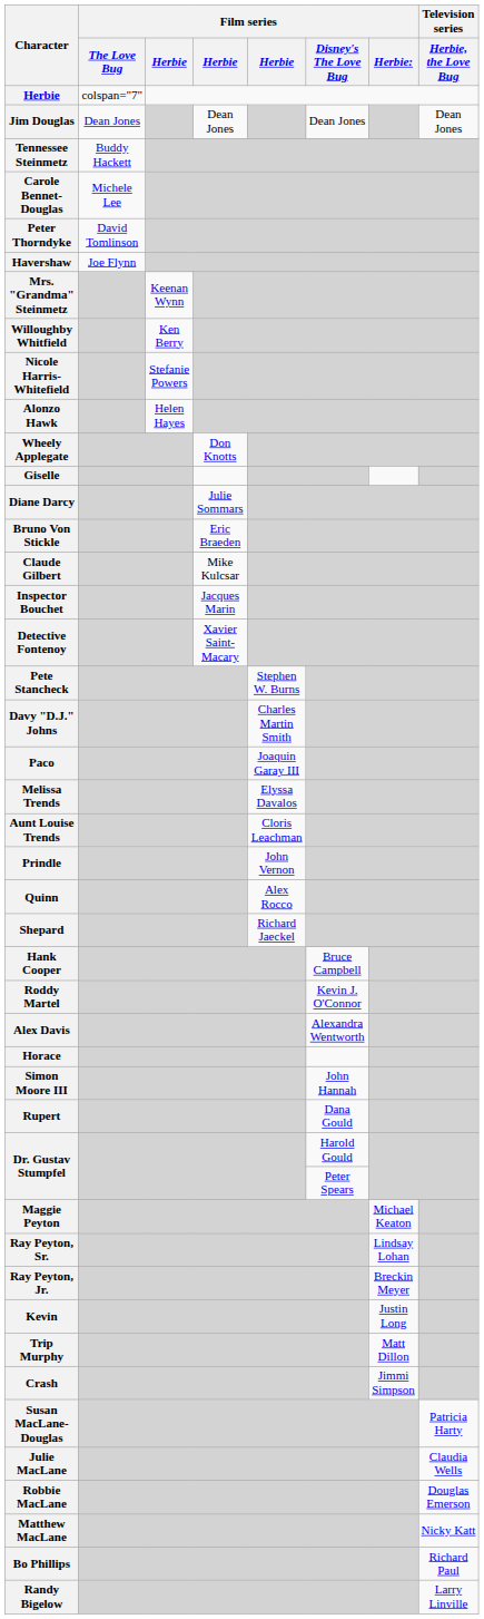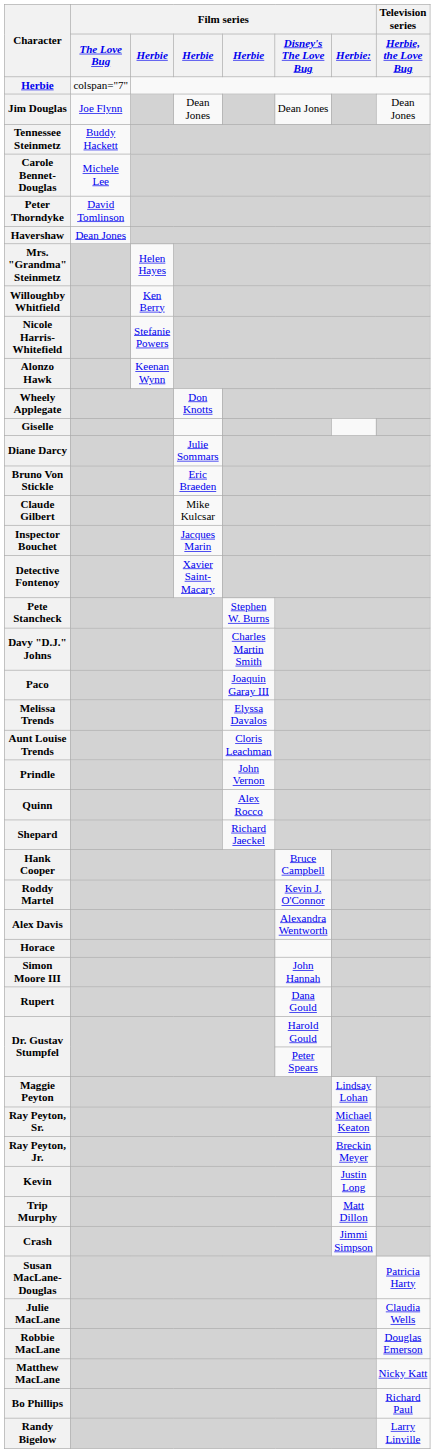 <table class="wikitable" style="text-align:center; width:99%;">
 <tr>
 <th rowspan="2">Character</th>
 <th colspan="6">Film series</th>
 <th>Television series</th>
 </tr>
 <tr>
 <th style="text-align:center;"><em><a href='#'>The Love Bug</a></em></th>
 <th style="text-align:center;"><em><a href='#'>Herbie <br></a></em></th>
 <th style="text-align:center;"><em><a href='#'>Herbie <br></a></em></th>
 <th style="text-align:center;"><em><a href='#'>Herbie <br></a></em></th>
 <th style="text-align:center;"><em><a href='#'>Disney's The Love Bug</a></em></th>
 <th style="text-align:center;"><em><a href='#'>Herbie: <br></a></em></th>
 <th style="text-align:center;"><em><a href='#'>Herbie, the Love Bug</a></em></th>
 </tr>
 <tr>
 <th><a href='#'>Herbie</a></th>
 <td>colspan="7" </td>
 </tr>
 <tr>
 <th>Jim Douglas</th>
-<td><a href='#'>Dean Jones</a></td>
+<td><a href='#'>Joe Flynn</a></td>
 <td style="background:lightgrey;"> </td>
 <td>Dean Jones</td>
 <td style="background:lightgrey;"> </td>
 <td>Dean Jones</td>
 <td style="background:lightgrey;"> </td>
 <td>Dean Jones</td>
 </tr>
 <tr>
 <th>Tennessee Steinmetz</th>
 <td><a href='#'>Buddy Hackett</a></td>
 <td colspan="6" style="background:lightgrey;"> </td>
 </tr>
 <tr>
 <th>Carole Bennet-Douglas</th>
 <td><a href='#'>Michele Lee</a></td>
 <td colspan="6" style="background:lightgrey;"> </td>
 </tr>
 <tr>
 <th>Peter Thorndyke</th>
 <td><a href='#'>David Tomlinson</a></td>
 <td colspan="6" style="background:lightgrey;"> </td>
 </tr>
 <tr>
 <th>Havershaw</th>
-<td><a href='#'>Joe Flynn</a></td>
+<td><a href='#'>Dean Jones</a></td>
 <td colspan="6" style="background:lightgrey;"> </td>
 </tr>
 <tr>
 <th>Mrs. "Grandma" Steinmetz</th>
 <td style="background:lightgrey;"> </td>
-<td><a href='#'>Keenan Wynn</a></td>
+<td><a href='#'>Helen Hayes</a></td>
 <td colspan="5" style="background:lightgrey;"> </td>
 </tr>
 <tr>
 <th>Willoughby Whitfield</th>
 <td style="background:lightgrey;"> </td>
 <td><a href='#'>Ken Berry</a></td>
 <td colspan="5" style="background:lightgrey;"> </td>
 </tr>
 <tr>
 <th>Nicole Harris-Whitefield</th>
 <td style="background:lightgrey;"> </td>
 <td><a href='#'>Stefanie Powers</a></td>
 <td colspan="5" style="background:lightgrey;"> </td>
 </tr>
 <tr>
 <th>Alonzo Hawk</th>
 <td style="background:lightgrey;"> </td>
-<td><a href='#'>Helen Hayes</a></td>
+<td><a href='#'>Keenan Wynn</a></td>
 <td colspan="5" style="background:lightgrey;"> </td>
 </tr>
 <tr>
 <th>Wheely Applegate</th>
 <td colspan="2" style="background:lightgrey;"> </td>
 <td><a href='#'>Don Knotts</a></td>
 <td colspan="4" style="background:lightgrey;"> </td>
 </tr>
 <tr>
 <th>Giselle</th>
 <td colspan="2" style="background:lightgrey;"> </td>
 <td></td>
 <td colspan="2" style="background:lightgrey;"> </td>
 <td></td>
 <td style=background-color:#D3D3D3></td>
 </tr>
 <tr>
 <th>Diane Darcy</th>
 <td colspan="2" style="background:lightgrey;"> </td>
 <td><a href='#'>Julie Sommars</a></td>
 <td colspan="4" style="background:lightgrey;"> </td>
 </tr>
 <tr>
 <th>Bruno Von Stickle</th>
 <td colspan="2" style="background:lightgrey;"> </td>
 <td><a href='#'>Eric Braeden</a></td>
 <td colspan="4" style="background:lightgrey;"> </td>
 </tr>
 <tr>
 <th>Claude Gilbert</th>
 <td colspan="2" style="background:lightgrey;"> </td>
 <td>Mike Kulcsar</td>
 <td colspan="4" style="background:lightgrey;"> </td>
 </tr>
 <tr>
 <th>Inspector Bouchet</th>
 <td colspan="2" style="background:lightgrey;"> </td>
 <td><a href='#'>Jacques Marin</a></td>
 <td colspan="4" style="background:lightgrey;"> </td>
 </tr>
 <tr>
 <th>Detective Fontenoy</th>
 <td colspan="2" style="background:lightgrey;"> </td>
 <td><a href='#'>Xavier Saint-Macary</a></td>
 <td colspan="4" style="background:lightgrey;"> </td>
 </tr>
 <tr>
 <th>Pete Stancheck</th>
 <td colspan="3" style="background:lightgrey;"> </td>
 <td><a href='#'>Stephen W. Burns</a></td>
 <td colspan="3" style="background:lightgrey;"> </td>
 </tr>
 <tr>
 <th>Davy "D.J." Johns</th>
 <td colspan="3" style="background:lightgrey;"> </td>
 <td><a href='#'>Charles Martin Smith</a></td>
 <td colspan="3" style="background:lightgrey;"> </td>
 </tr>
 <tr>
 <th>Paco</th>
 <td colspan="3" style="background:lightgrey;"> </td>
 <td><a href='#'>Joaquin Garay III</a></td>
 <td colspan="3" style="background:lightgrey;"> </td>
 </tr>
 <tr>
 <th>Melissa Trends</th>
 <td colspan="3" style="background:lightgrey;"> </td>
 <td><a href='#'>Elyssa Davalos</a></td>
 <td colspan="3" style="background:lightgrey;"> </td>
 </tr>
 <tr>
 <th>Aunt Louise Trends</th>
 <td colspan="3" style="background:lightgrey;"> </td>
 <td><a href='#'>Cloris Leachman</a></td>
 <td colspan="3" style="background:lightgrey;"> </td>
 </tr>
 <tr>
 <th>Prindle</th>
 <td colspan="3" style="background:lightgrey;"> </td>
 <td><a href='#'>John Vernon</a></td>
 <td colspan="3" style="background:lightgrey;"> </td>
 </tr>
 <tr>
 <th>Quinn</th>
 <td colspan="3" style="background:lightgrey;"> </td>
 <td><a href='#'>Alex Rocco</a></td>
 <td colspan="3" style="background:lightgrey;"> </td>
 </tr>
 <tr>
 <th>Shepard</th>
 <td colspan="3" style="background:lightgrey;"> </td>
 <td><a href='#'>Richard Jaeckel</a></td>
 <td colspan="3" style="background:lightgrey;"> </td>
 </tr>
 <tr>
 <th>Hank Cooper</th>
 <td colspan="4" style="background:lightgrey;"> </td>
 <td><a href='#'>Bruce Campbell</a></td>
 <td colspan="2" style="background:lightgrey;"> </td>
 </tr>
 <tr>
 <th>Roddy Martel</th>
 <td colspan="4" style="background:lightgrey;"> </td>
 <td><a href='#'>Kevin J. O'Connor</a></td>
 <td colspan="2" style="background:lightgrey;"> </td>
 </tr>
 <tr>
 <th>Alex Davis</th>
 <td colspan="4" style="background:lightgrey;"> </td>
 <td><a href='#'>Alexandra Wentworth</a></td>
 <td colspan="2" style="background:lightgrey;"> </td>
 </tr>
 <tr>
 <th>Horace</th>
 <td colspan="4" style="background:lightgrey;"> </td>
 <td></td>
 <td colspan="2" style="background:lightgrey;"> </td>
 </tr>
 <tr>
 <th>Simon Moore III</th>
 <td colspan="4" style="background:lightgrey;"> </td>
 <td><a href='#'>John Hannah</a></td>
 <td colspan="2" style="background:lightgrey;"> </td>
 </tr>
 <tr>
 <th>Rupert</th>
 <td colspan="4" style="background:lightgrey;"> </td>
 <td><a href='#'>Dana Gould</a></td>
 <td colspan="2" style="background:lightgrey;"> </td>
 </tr>
 <tr>
 <th rowspan="2">Dr. Gustav Stumpfel</th>
 <td rowspan="2" colspan="4" style="background:lightgrey;"> </td>
 <td><a href='#'>Harold Gould</a></td>
 <td rowspan="2" colspan="2" style="background:lightgrey;"> </td>
 </tr>
 <tr>
 <td><a href='#'>Peter Spears</a></td>
 </tr>
 <tr>
 <th>Maggie Peyton</th>
 <td colspan="5" style="background:lightgrey;"> </td>
-<td><a href='#'>Michael Keaton</a></td>
+<td><a href='#'>Lindsay Lohan</a></td>
 <td style="background:lightgrey;"> </td>
 </tr>
 <tr>
 <th>Ray Peyton, Sr.</th>
 <td colspan="5" style="background:lightgrey;"> </td>
-<td><a href='#'>Lindsay Lohan</a></td>
+<td><a href='#'>Michael Keaton</a></td>
 <td style="background:lightgrey;"> </td>
 </tr>
 <tr>
 <th>Ray Peyton, Jr.</th>
 <td colspan="5" style="background:lightgrey;"> </td>
 <td><a href='#'>Breckin Meyer</a></td>
 <td style="background:lightgrey;"> </td>
 </tr>
 <tr>
 <th>Kevin</th>
 <td colspan="5" style="background:lightgrey;"> </td>
 <td><a href='#'>Justin Long</a></td>
 <td style="background:lightgrey;"> </td>
 </tr>
 <tr>
 <th>Trip Murphy</th>
 <td colspan="5" style="background:lightgrey;"> </td>
 <td><a href='#'>Matt Dillon</a></td>
 <td style="background:lightgrey;"> </td>
 </tr>
 <tr>
 <th>Crash</th>
 <td colspan="5" style="background:lightgrey;"> </td>
 <td><a href='#'>Jimmi Simpson</a></td>
 <td style="background:lightgrey;"> </td>
 </tr>
 <tr>
 <th>Susan MacLane-Douglas</th>
 <td colspan="6" style="background:lightgrey;"> </td>
 <td><a href='#'>Patricia Harty</a></td>
 </tr>
 <tr>
 <th>Julie MacLane</th>
 <td colspan="6" style="background:lightgrey;"> </td>
 <td><a href='#'>Claudia Wells</a></td>
 </tr>
 <tr>
 <th>Robbie MacLane</th>
 <td colspan="6" style="background:lightgrey;"> </td>
 <td><a href='#'>Douglas Emerson</a></td>
 </tr>
 <tr>
 <th>Matthew MacLane</th>
 <td colspan="6" style="background:lightgrey;"> </td>
 <td><a href='#'>Nicky Katt</a></td>
 </tr>
 <tr>
 <th>Bo Phillips</th>
 <td colspan="6" style="background:lightgrey;"> </td>
 <td><a href='#'>Richard Paul</a></td>
 </tr>
 <tr>
 <th>Randy Bigelow</th>
 <td colspan="6" style="background:lightgrey;"> </td>
 <td><a href='#'>Larry Linville</a></td>
 </tr>
 </table>
